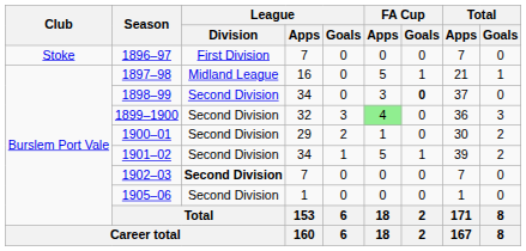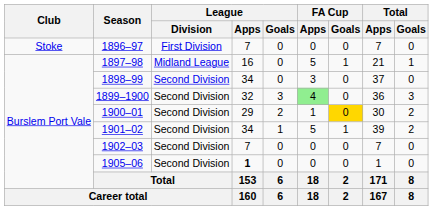 <table class="wikitable" style="text-align: center;">
 <tr>
 <th rowspan="2">Club</th>
 <th rowspan="2">Season</th>
 <th colspan="3">League</th>
 <th colspan="2">FA Cup</th>
 <th colspan="2">Total</th>
 </tr>
 <tr>
 <th>Division</th>
 <th>Apps</th>
 <th>Goals</th>
 <th>Apps</th>
 <th>Goals</th>
 <th>Apps</th>
 <th>Goals</th>
 </tr>
 <tr>
 <td><a href='#'>Stoke</a></td>
 <td><a href='#'>1896–97</a></td>
 <td><a href='#'>First Division</a></td>
 <td>7</td>
 <td>0</td>
 <td>0</td>
 <td>0</td>
 <td>7</td>
 <td>0</td>
 </tr>
 <tr>
 <td rowspan="8"><a href='#'>Burslem Port Vale</a></td>
 <td><a href='#'>1897–98</a></td>
 <td><a href='#'>Midland League</a></td>
 <td>16</td>
 <td>0</td>
 <td>5</td>
 <td>1</td>
 <td>21</td>
 <td>1</td>
 </tr>
 <tr>
 <td><a href='#'>1898–99</a></td>
 <td><a href='#'>Second Division</a></td>
 <td>34</td>
 <td>0</td>
 <td>3</td>
-<td><strong>0</strong></td>
+<td>0</td>
 <td>37</td>
 <td>0</td>
 </tr>
 <tr>
 <td><a href='#'>1899–1900</a></td>
 <td>Second Division</td>
 <td>32</td>
 <td>3</td>
 <td style="background: lightgreen;">4</td>
 <td>0</td>
 <td>36</td>
 <td>3</td>
 </tr>
 <tr>
 <td><a href='#'>1900–01</a></td>
 <td>Second Division</td>
 <td>29</td>
 <td>2</td>
 <td>1</td>
-<td>0</td>
+<td style="background: gold;">0</td>
 <td>30</td>
 <td>2</td>
 </tr>
 <tr>
 <td><a href='#'>1901–02</a></td>
 <td>Second Division</td>
 <td>34</td>
 <td>1</td>
 <td>5</td>
 <td>1</td>
 <td>39</td>
 <td>2</td>
 </tr>
 <tr>
 <td><a href='#'>1902–03</a></td>
-<td><strong>Second Division</strong></td>
+<td>Second Division</td>
 <td>7</td>
 <td>0</td>
 <td>0</td>
 <td>0</td>
 <td>7</td>
 <td>0</td>
 </tr>
 <tr>
 <td><a href='#'>1905–06</a></td>
 <td>Second Division</td>
-<td>1</td>
+<td><strong>1</strong></td>
 <td>0</td>
 <td>0</td>
 <td>0</td>
 <td>1</td>
 <td>0</td>
 </tr>
 <tr>
 <th colspan="2">Total</th>
 <th>153</th>
 <th>6</th>
 <th>18</th>
 <th>2</th>
 <th>171</th>
 <th>8</th>
 </tr>
 <tr>
 <th colspan="3">Career total</th>
 <th>160</th>
 <th>6</th>
 <th>18</th>
 <th>2</th>
 <th>167</th>
 <th>8</th>
 </tr>
 </table>
